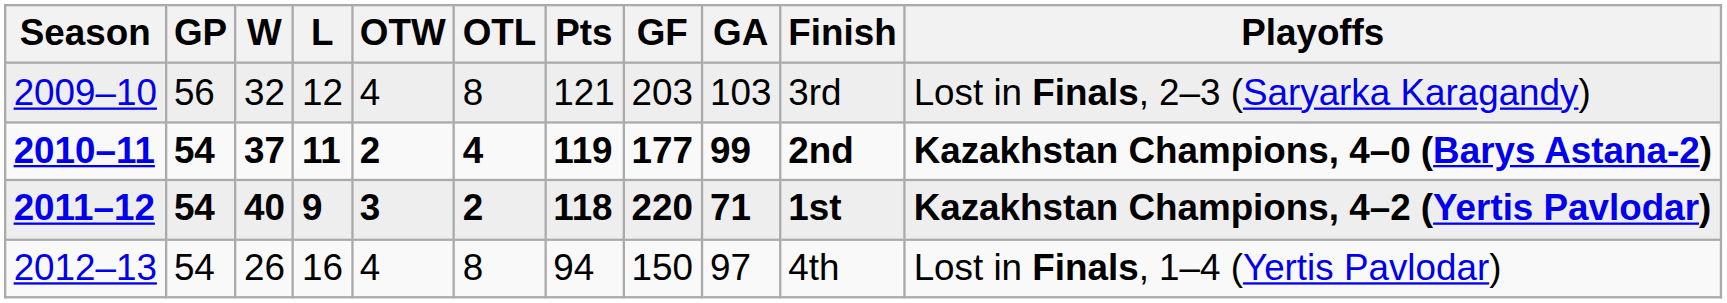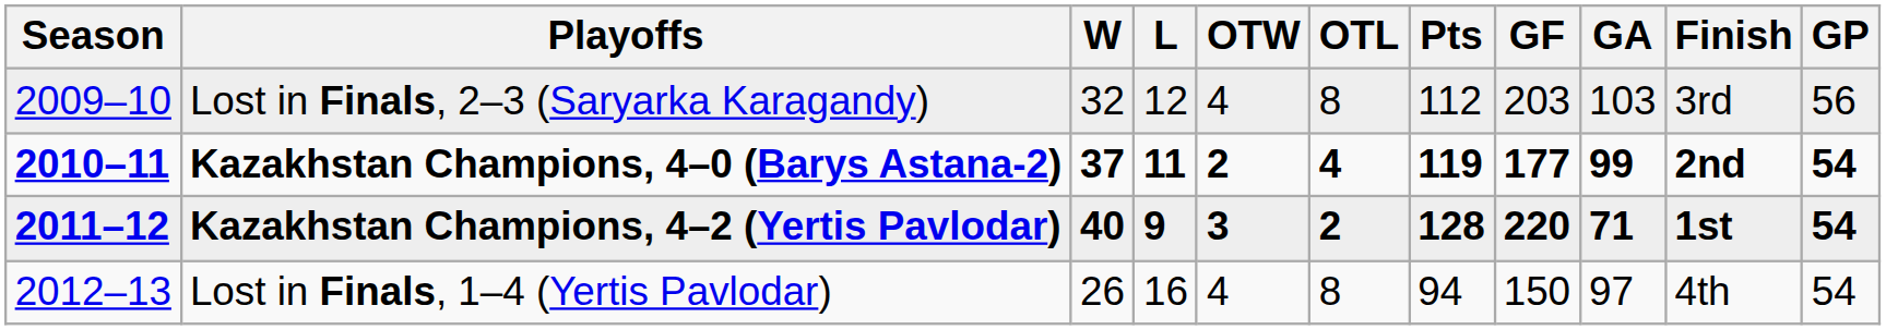 <table class="wikitable">
 <tr>
 <th>Season</th>
-<th>GP</th>
+<th>Playoffs</th>
 <th>W</th>
 <th>L</th>
 <th>OTW</th>
 <th>OTL</th>
 <th>Pts</th>
 <th>GF</th>
 <th>GA</th>
 <th>Finish</th>
-<th>Playoffs</th>
+<th>GP</th>
 </tr>
 <tr style="background:#eee;">
 <td><a href='#'>2009–10</a></td>
-<td>56</td>
+<td>Lost in <strong>Finals</strong>, 2–3 (<a href='#'>Saryarka Karagandy</a>)</td>
 <td>32</td>
 <td>12</td>
 <td>4</td>
 <td>8</td>
-<td>121</td>
+<td>112</td>
 <td>203</td>
 <td>103</td>
 <td>3rd</td>
-<td>Lost in <strong>Finals</strong>, 2–3 (<a href='#'>Saryarka Karagandy</a>)</td>
+<td>56</td>
 </tr>
 <tr>
 <td><strong><a href='#'>2010–11</a></strong></td>
-<td><strong>54</strong></td>
+<td><strong>Kazakhstan Champions, 4–0 (<a href='#'>Barys Astana-2</a>)</strong></td>
 <td><strong>37</strong></td>
 <td><strong>11</strong></td>
 <td><strong>2</strong></td>
 <td><strong>4</strong></td>
 <td><strong>119</strong></td>
 <td><strong>177</strong></td>
 <td><strong>99</strong></td>
 <td><strong>2nd</strong></td>
-<td><strong>Kazakhstan Champions, 4–0 (<a href='#'>Barys Astana-2</a>)</strong></td>
+<td><strong>54</strong></td>
 </tr>
 <tr style="background:#eee;">
 <td><strong><a href='#'>2011–12</a></strong></td>
-<td><strong>54</strong></td>
+<td><strong>Kazakhstan Champions, 4–2 (<a href='#'>Yertis Pavlodar</a>)</strong></td>
 <td><strong>40</strong></td>
 <td><strong>9</strong></td>
 <td><strong>3</strong></td>
 <td><strong>2</strong></td>
-<td><strong>118</strong></td>
+<td><strong>128</strong></td>
 <td><strong>220</strong></td>
 <td><strong>71</strong></td>
 <td><strong>1st</strong></td>
-<td><strong>Kazakhstan Champions, 4–2 (<a href='#'>Yertis Pavlodar</a>)</strong></td>
+<td><strong>54</strong></td>
 </tr>
 <tr>
 <td><a href='#'>2012–13</a></td>
-<td>54</td>
+<td>Lost in <strong>Finals</strong>, 1–4 (<a href='#'>Yertis Pavlodar</a>)</td>
 <td>26</td>
 <td>16</td>
 <td>4</td>
 <td>8</td>
 <td>94</td>
 <td>150</td>
 <td>97</td>
 <td>4th</td>
-<td>Lost in <strong>Finals</strong>, 1–4 (<a href='#'>Yertis Pavlodar</a>)</td>
+<td>54</td>
 </tr>
 </table>
